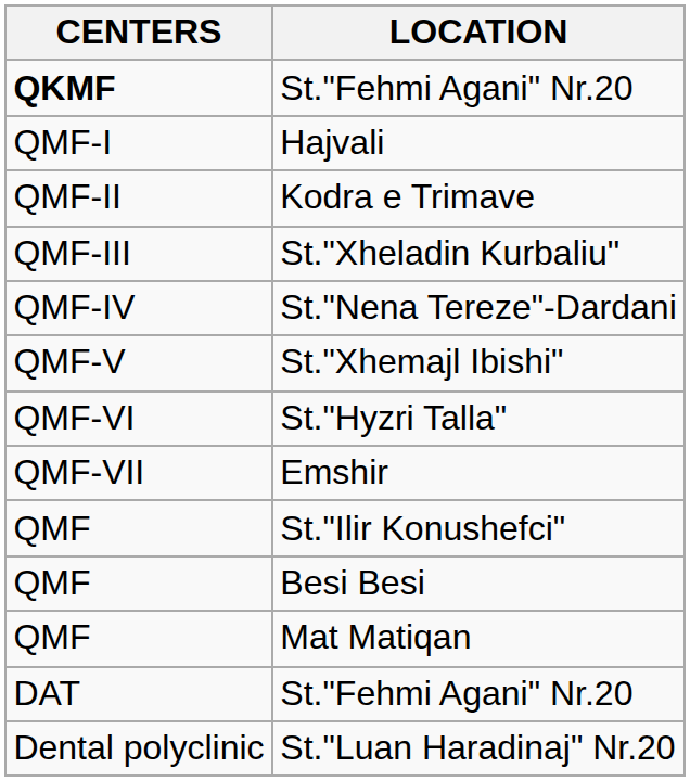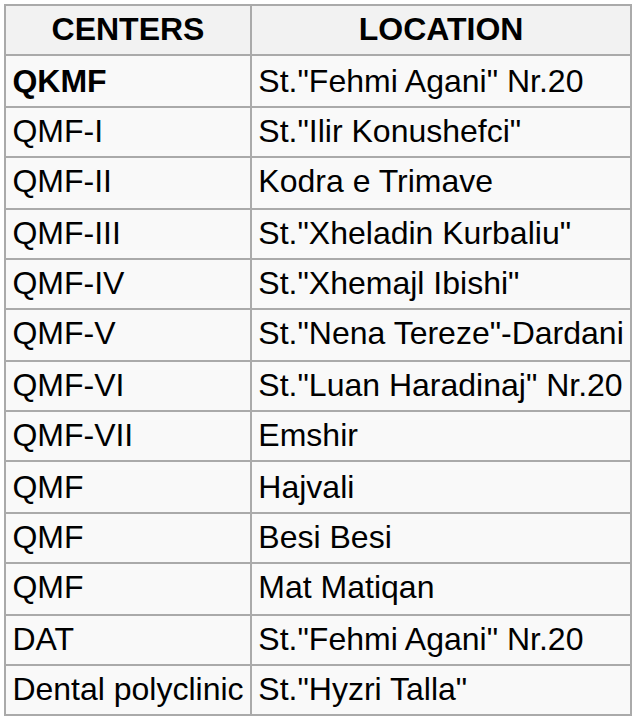 <table class="wikitable">
 <tr>
 <th>CENTERS</th>
 <th>LOCATION</th>
 </tr>
 <tr>
 <td><strong>QKMF</strong></td>
 <td>St."Fehmi Agani" Nr.20</td>
 </tr>
 <tr>
 <td>QMF-I</td>
-<td>Hajvali</td>
+<td>St."Ilir Konushefci"</td>
 </tr>
 <tr>
 <td>QMF-II</td>
 <td>Kodra e Trimave</td>
 </tr>
 <tr>
 <td>QMF-III</td>
 <td>St."Xheladin Kurbaliu"</td>
 </tr>
 <tr>
 <td>QMF-IV</td>
+<td>St."Xhemajl Ibishi"</td>
+</tr>
+<tr>
+<td>QMF-V</td>
 <td>St."Nena Tereze"-Dardani</td>
 </tr>
 <tr>
-<td>QMF-V</td>
-<td>St."Xhemajl Ibishi"</td>
-</tr>
-<tr>
 <td>QMF-VI</td>
-<td>St."Hyzri Talla"</td>
+<td>St."Luan Haradinaj" Nr.20</td>
 </tr>
 <tr>
 <td>QMF-VII</td>
 <td>Emshir</td>
 </tr>
 <tr>
 <td>QMF</td>
-<td>St."Ilir Konushefci"</td>
+<td>Hajvali</td>
 </tr>
 <tr>
 <td>QMF</td>
 <td>Besi Besi</td>
 </tr>
 <tr>
 <td>QMF</td>
 <td>Mat Matiqan</td>
 </tr>
 <tr>
 <td>DAT</td>
 <td>St."Fehmi Agani" Nr.20</td>
 </tr>
 <tr>
 <td>Dental polyclinic</td>
-<td>St."Luan Haradinaj" Nr.20</td>
+<td>St."Hyzri Talla"</td>
 </tr>
 </table>
